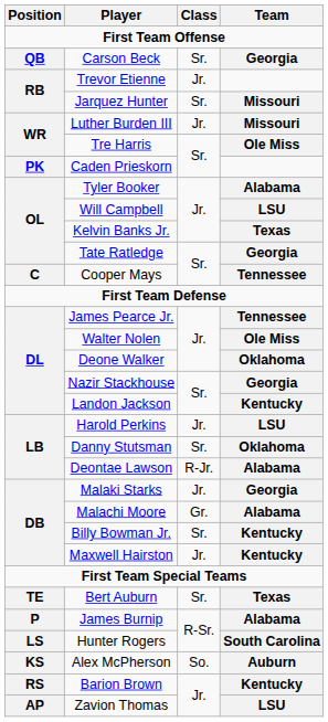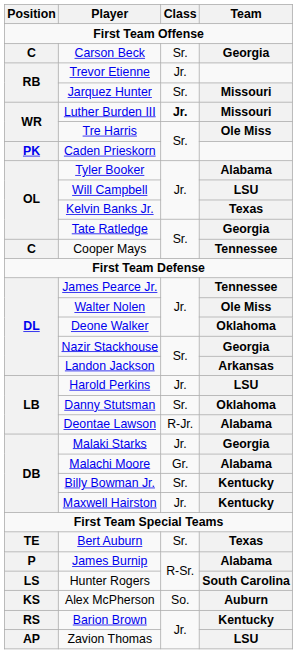 <table class="wikitable">
 <tr>
 <th>Position</th>
 <th>Player</th>
 <th>Class</th>
 <th>Team</th>
 </tr>
 <tr>
 <td colspan="4" style="text-align:center; "><strong>First Team Offense</strong></td>
 </tr>
 <tr style="text-align:center;">
-<th rowspan="1"><a href='#'>QB</a></th>
+<th>C</th>
 <td><a href='#'>Carson Beck</a></td>
 <td>Sr.</td>
 <th>Georgia</th>
 </tr>
 <tr style="text-align:center;">
 <th rowspan="2">RB</th>
 <td><a href='#'>Trevor Etienne</a></td>
 <td>Jr.</td>
 </tr>
 <tr style="text-align:center;">
 <td><a href='#'>Jarquez Hunter</a></td>
 <td>Sr.</td>
 <th>Missouri</th>
 </tr>
 <tr style="text-align:center;">
 <th rowspan="2">WR</th>
 <td><a href='#'>Luther Burden III</a></td>
-<td>Jr.</td>
+<td><strong>Jr.</strong></td>
 <th>Missouri</th>
 </tr>
 <tr style="text-align:center;">
 <td><a href='#'>Tre Harris</a></td>
 <td rowspan=2>Sr.</td>
 <th>Ole Miss</th>
 </tr>
 <tr style="text-align:center;">
 <th rowspan="1"><a href='#'>PK</a></th>
 <td><a href='#'>Caden Prieskorn</a></td>
 </tr>
 <tr style="text-align:center;">
 <th rowspan=4>OL</th>
 <td><a href='#'>Tyler Booker</a></td>
 <td rowspan=3>Jr.</td>
 <th>Alabama</th>
 </tr>
 <tr style="text-align:center;">
 <td><a href='#'>Will Campbell</a></td>
 <th>LSU</th>
 </tr>
 <tr style="text-align:center;">
 <td><a href='#'>Kelvin Banks Jr.</a></td>
 <th>Texas</th>
 </tr>
 <tr style="text-align:center;">
 <td><a href='#'>Tate Ratledge</a></td>
 <td rowspan=2>Sr.</td>
 <th>Georgia</th>
 </tr>
 <tr style="text-align:center;">
 <th>C</th>
 <td>Cooper Mays</td>
 <th>Tennessee</th>
 </tr>
 <tr style="text-align:center;">
 <td colspan="4" style="text-align:center; "><strong>First Team Defense</strong></td>
 </tr>
 <tr style="text-align:center;">
 <th rowspan="5"><a href='#'>DL</a></th>
 <td><a href='#'>James Pearce Jr.</a></td>
 <td rowspan=3>Jr.</td>
 <th>Tennessee</th>
 </tr>
 <tr style="text-align:center;">
 <td><a href='#'>Walter Nolen</a></td>
 <th>Ole Miss</th>
 </tr>
 <tr style="text-align:center;">
 <td><a href='#'>Deone Walker</a></td>
 <th>Oklahoma</th>
 </tr>
 <tr style="text-align:center;">
 <td><a href='#'>Nazir Stackhouse</a></td>
 <td rowspan="2">Sr.</td>
 <th>Georgia</th>
 </tr>
 <tr style="text-align:center;">
 <td><a href='#'>Landon Jackson</a></td>
-<th>Kentucky</th>
+<th>Arkansas</th>
 </tr>
 <tr style="text-align:center;">
 <th rowspan="3">LB</th>
 <td><a href='#'>Harold Perkins</a></td>
 <td>Jr.</td>
 <th>LSU</th>
 </tr>
 <tr style="text-align:center;">
 <td><a href='#'>Danny Stutsman</a></td>
 <td>Sr.</td>
 <th>Oklahoma</th>
 </tr>
 <tr style="text-align:center;">
 <td><a href='#'>Deontae Lawson</a></td>
 <td>R-Jr.</td>
 <th>Alabama</th>
 </tr>
 <tr style="text-align:center;">
 <th rowspan="4">DB</th>
 <td><a href='#'>Malaki Starks</a></td>
 <td>Jr.</td>
 <th>Georgia</th>
 </tr>
 <tr style="text-align:center;">
 <td><a href='#'>Malachi Moore</a></td>
 <td>Gr.</td>
 <th>Alabama</th>
 </tr>
 <tr style="text-align:center;">
 <td><a href='#'>Billy Bowman Jr.</a></td>
 <td>Sr.</td>
 <th>Kentucky</th>
 </tr>
 <tr style="text-align:center;">
 <td><a href='#'>Maxwell Hairston</a></td>
 <td>Jr.</td>
 <th>Kentucky</th>
 </tr>
 <tr>
 <td colspan="4" style="text-align:center; "><strong>First Team Special Teams</strong></td>
 </tr>
 <tr style="text-align:center;">
 <th>TE</th>
 <td><a href='#'>Bert Auburn</a></td>
 <td>Sr.</td>
 <th>Texas</th>
 </tr>
 <tr style="text-align:center;">
 <th>P</th>
 <td><a href='#'>James Burnip</a></td>
 <td rowspan="2">R-Sr.</td>
 <th>Alabama</th>
 </tr>
 <tr style="text-align:center;">
 <th>LS</th>
 <td>Hunter Rogers</td>
 <th>South Carolina</th>
 </tr>
 <tr style="text-align:center;">
 <th>KS</th>
 <td>Alex McPherson</td>
 <td>So.</td>
 <th>Auburn</th>
 </tr>
 <tr style="text-align:center;">
 <th>RS</th>
 <td><a href='#'>Barion Brown</a></td>
 <td rowspan=2>Jr.</td>
 <th>Kentucky</th>
 </tr>
 <tr style="text-align:center;">
 <th>AP</th>
 <td>Zavion Thomas</td>
 <th>LSU</th>
 </tr>
 </table>
